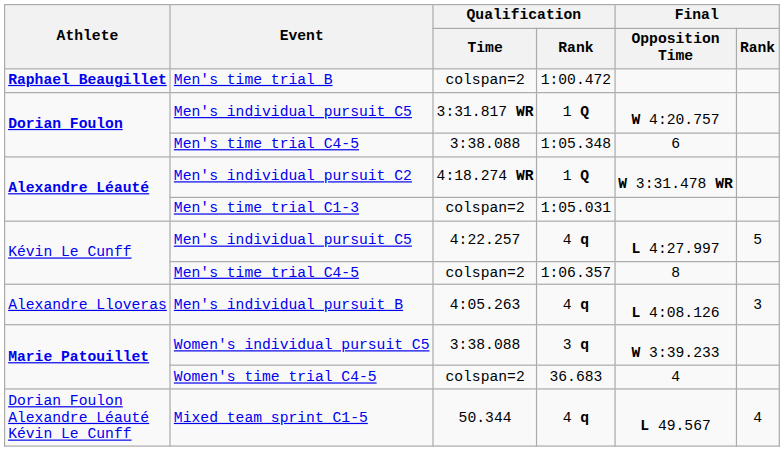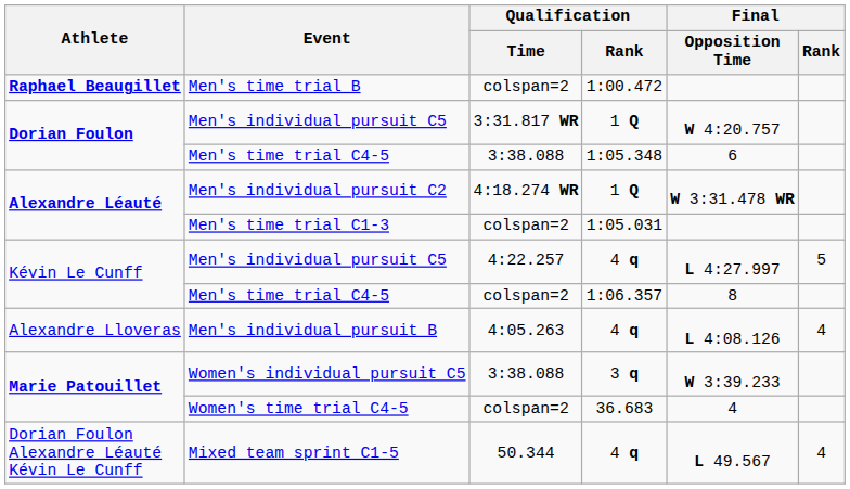 <table class=wikitable style="font-size:95%">
 <tr>
 <th rowspan="2">Athlete</th>
 <th rowspan="2">Event</th>
 <th colspan="2">Qualification</th>
 <th colspan="2">Final</th>
 </tr>
 <tr>
 <th>Time</th>
 <th>Rank</th>
 <th>Opposition<br>Time</th>
 <th>Rank</th>
 </tr>
 <tr align=center>
 <td align=left><strong><a href='#'>Raphael Beaugillet</a></strong></td>
 <td align=left><a href='#'>Men's time trial B</a></td>
 <td>colspan=2 </td>
 <td>1:00.472</td>
 <td></td>
 </tr>
 <tr align=center>
 <td align=left rowspan=2><strong><a href='#'>Dorian Foulon</a></strong></td>
 <td align=left><a href='#'>Men's individual pursuit C5</a></td>
 <td>3:31.817 <strong>WR</strong></td>
 <td>1 <strong>Q</strong></td>
 <td><br><strong>W</strong> 4:20.757</td>
 <td></td>
 </tr>
 <tr align=center>
 <td align=left><a href='#'>Men's time trial C4-5</a></td>
 <td>3:38.088</td>
 <td>1:05.348</td>
 <td>6</td>
 </tr>
 <tr align=center>
 <td align=left rowspan=2><strong><a href='#'>Alexandre Léauté</a></strong></td>
 <td align=left><a href='#'>Men's individual pursuit C2</a></td>
 <td>4:18.274 <strong>WR</strong></td>
 <td>1 <strong>Q</strong></td>
 <td><br><strong>W</strong> 3:31.478 <strong>WR</strong></td>
 <td></td>
 </tr>
 <tr align=center>
 <td align=left><a href='#'>Men's time trial C1-3</a></td>
 <td>colspan=2 </td>
 <td>1:05.031</td>
 <td></td>
 </tr>
 <tr align=center>
 <td align=left rowspan=2><a href='#'>Kévin Le Cunff</a></td>
 <td align=left><a href='#'>Men's individual pursuit C5</a></td>
 <td>4:22.257</td>
 <td>4 <strong>q</strong></td>
 <td><br><strong>L</strong> 4:27.997</td>
 <td>5</td>
 </tr>
 <tr align=center>
 <td align=left><a href='#'>Men's time trial C4-5</a></td>
 <td>colspan=2 </td>
 <td>1:06.357</td>
 <td>8</td>
 </tr>
 <tr align=center>
 <td align=left><a href='#'>Alexandre Lloveras</a></td>
 <td align=left><a href='#'>Men's individual pursuit B</a></td>
 <td>4:05.263</td>
 <td>4 <strong>q</strong></td>
 <td><br><strong>L</strong> 4:08.126</td>
-<td>3</td>
+<td>4</td>
 </tr>
 <tr align=center>
 <td align=left rowspan=2><strong><a href='#'>Marie Patouillet</a></strong></td>
 <td align=left><a href='#'>Women's individual pursuit C5</a></td>
 <td>3:38.088</td>
 <td>3 <strong>q</strong></td>
 <td><br><strong>W</strong> 3:39.233</td>
 <td></td>
 </tr>
 <tr align=center>
 <td align=left><a href='#'>Women's time trial C4-5</a></td>
 <td>colspan=2 </td>
 <td>36.683</td>
 <td>4</td>
 </tr>
 <tr align=center>
 <td align=left><a href='#'>Dorian Foulon</a><br><a href='#'>Alexandre Léauté</a><br><a href='#'>Kévin Le Cunff</a></td>
 <td align=left><a href='#'>Mixed team sprint C1-5</a></td>
 <td>50.344</td>
 <td>4 <strong>q</strong></td>
 <td><br><strong>L</strong> 49.567</td>
 <td>4</td>
 </tr>
 </table>
